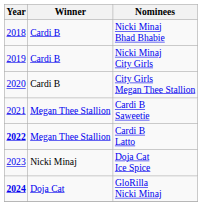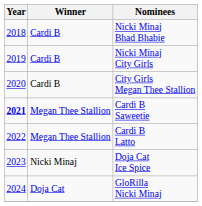 <table class="wikitable">
 <tr>
 <th>Year</th>
 <th>Winner</th>
 <th>Nominees</th>
 </tr>
 <tr>
 <td><a href='#'>2018</a></td>
 <td><a href='#'>Cardi B</a></td>
 <td><a href='#'>Nicki Minaj</a><br><a href='#'>Bhad Bhabie</a></td>
 </tr>
 <tr>
 <td><a href='#'>2019</a></td>
 <td><a href='#'>Cardi B</a></td>
 <td><a href='#'>Nicki Minaj</a><br><a href='#'>City Girls</a></td>
 </tr>
 <tr>
 <td><a href='#'>2020</a></td>
 <td>Cardi B</td>
 <td><a href='#'>City Girls</a><br><a href='#'>Megan Thee Stallion</a></td>
 </tr>
 <tr>
-<td><a href='#'>2021</a></td>
+<td><strong><a href='#'>2021</a></strong></td>
 <td><a href='#'>Megan Thee Stallion</a></td>
 <td><a href='#'>Cardi B</a><br><a href='#'>Saweetie</a></td>
 </tr>
 <tr>
-<td><strong><a href='#'>2022</a></strong></td>
+<td><a href='#'>2022</a></td>
 <td><a href='#'>Megan Thee Stallion</a></td>
 <td><a href='#'>Cardi B</a><br><a href='#'>Latto</a></td>
 </tr>
 <tr>
 <td><a href='#'>2023</a></td>
 <td>Nicki Minaj</td>
 <td><a href='#'>Doja Cat</a><br><a href='#'>Ice Spice</a></td>
 </tr>
 <tr>
-<td><strong><a href='#'>2024</a></strong></td>
+<td><a href='#'>2024</a></td>
 <td><a href='#'>Doja Cat</a></td>
 <td><a href='#'>GloRilla</a><br><a href='#'>Nicki Minaj</a></td>
 </tr>
 <tr>
 </tr>
 </table>
